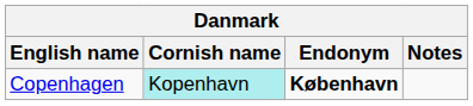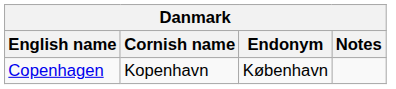 <table class="wikitable sortable">
 <tr>
 <th colspan="24"> Danmark</th>
 </tr>
 <tr>
 <th>English name</th>
 <th>Cornish name</th>
 <th>Endonym</th>
 <th>Notes</th>
 </tr>
 <tr>
 <td><a href='#'>Copenhagen</a></td>
-<td style="background: paleturquoise;">Kopenhavn</td>
-<td><strong>København</strong></td>
+<td>Kopenhavn</td>
+<td>København</td>
 <td></td>
 </tr>
 </table>
